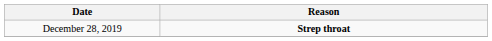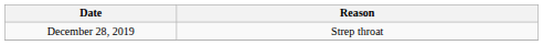 <table class="wikitable" style="text-align:center;">
 <tr>
 <th scope="col" style="width:15em;">Date</th>
 <th scope="col" style="width:32em;">Reason</th>
 </tr>
 <tr>
 <td>December 28, 2019</td>
-<td><strong>Strep throat</strong></td>
+<td>Strep throat</td>
 </tr>
 <tr>
 </tr>
 </table>
